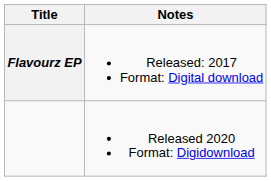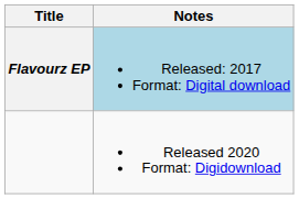 <table class="wikitable plainrowheaders" style="text-align:center;">
 <tr>
 <th scope="col">Title</th>
 <th scope="col">Notes</th>
 </tr>
 <tr>
 <th scope="row"><em>Flavourz EP</em></th>
-<td><br><ul><li>Released: 2017</li><li>Format: <a href='#'>Digital download</a></li></ul></td>
+<td style="background: lightblue;"><br><ul><li>Released: 2017</li><li>Format: <a href='#'>Digital download</a></li></ul></td>
 </tr>
 <tr>
 <td></td>
 <td><br><ul><li>Released 2020</li><li>Format: <a href='#'>Digidownload</a></li></ul></td>
 </tr>
 </table>
